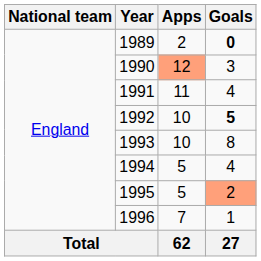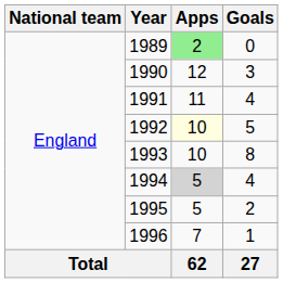 <table class="wikitable" style="text-align:center">
 <tr>
 <th>National team</th>
 <th>Year</th>
 <th>Apps</th>
 <th>Goals</th>
 </tr>
 <tr>
 <td rowspan="8"><a href='#'>England</a></td>
 <td>1989</td>
-<td>2</td>
-<td><strong>0</strong></td>
+<td style="background: lightgreen;">2</td>
+<td>0</td>
 </tr>
 <tr>
 <td>1990</td>
-<td style="background: lightsalmon;">12</td>
+<td>12</td>
 <td>3</td>
 </tr>
 <tr>
 <td>1991</td>
 <td>11</td>
 <td>4</td>
 </tr>
 <tr>
 <td>1992</td>
-<td>10</td>
-<td><strong>5</strong></td>
+<td style="background: lightyellow;">10</td>
+<td>5</td>
 </tr>
 <tr>
 <td>1993</td>
 <td>10</td>
 <td>8</td>
 </tr>
 <tr>
 <td>1994</td>
-<td>5</td>
+<td style="background: lightgrey;">5</td>
 <td>4</td>
 </tr>
 <tr>
 <td>1995</td>
 <td>5</td>
-<td style="background: lightsalmon;">2</td>
+<td>2</td>
 </tr>
 <tr>
 <td>1996</td>
 <td>7</td>
 <td>1</td>
 </tr>
 <tr>
 <th colspan="2">Total</th>
 <th>62</th>
 <th>27</th>
 </tr>
 </table>
